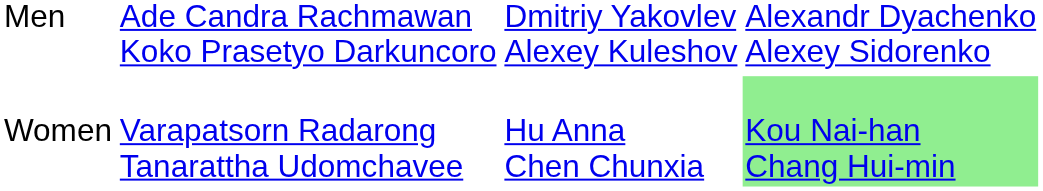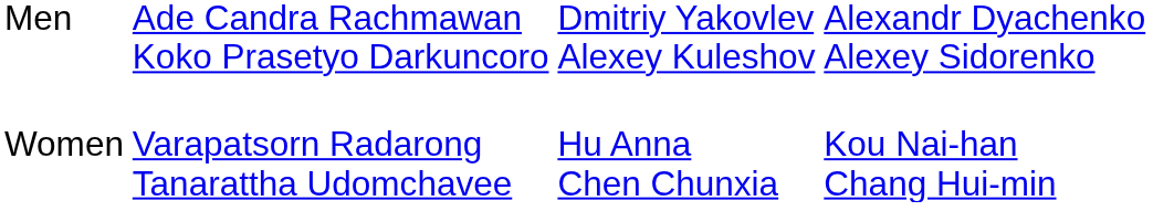 <table>
 <tr>
 <td>Men</td>
 <td><br><a href='#'>Ade Candra Rachmawan</a><br><a href='#'>Koko Prasetyo Darkuncoro</a></td>
 <td><br><a href='#'>Dmitriy Yakovlev</a><br><a href='#'>Alexey Kuleshov</a></td>
 <td><br><a href='#'>Alexandr Dyachenko</a><br><a href='#'>Alexey Sidorenko</a></td>
 </tr>
 <tr>
 <td>Women</td>
 <td><br><a href='#'>Varapatsorn Radarong</a><br><a href='#'>Tanarattha Udomchavee</a></td>
 <td><br><a href='#'>Hu Anna</a><br><a href='#'>Chen Chunxia</a></td>
-<td style="background: lightgreen;"><br><a href='#'>Kou Nai-han</a><br><a href='#'>Chang Hui-min</a></td>
+<td><br><a href='#'>Kou Nai-han</a><br><a href='#'>Chang Hui-min</a></td>
 </tr>
 </table>
